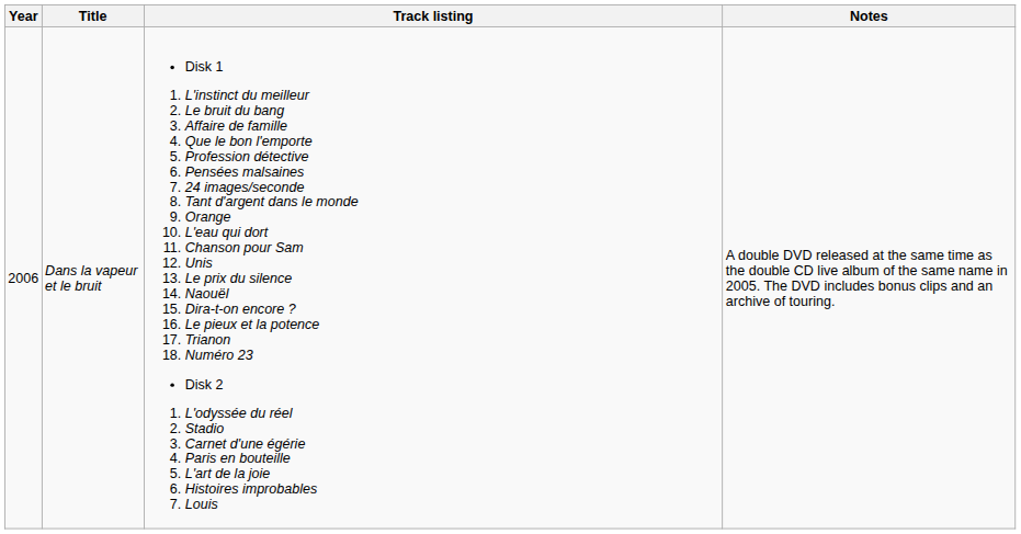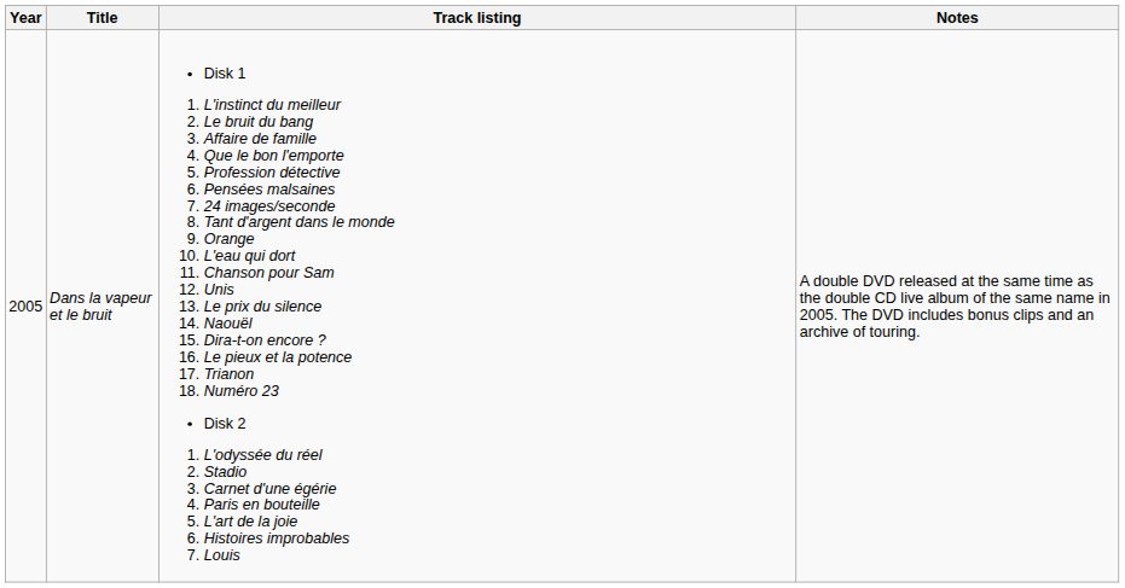 <table class="wikitable" style="font-size: 90%; text-align: left;">
 <tr>
 <th style="width:30px">Year</th>
 <th style="width:100px">Title</th>
 <th style="width:600px">Track listing</th>
 <th style="width:300px">Notes</th>
 </tr>
 <tr>
-<td>2006</td>
+<td>2005</td>
 <td><em>Dans la vapeur et le bruit</em></td>
 <td><br><ul><li>Disk 1</li></ul><ol><li><em>L'instinct du meilleur</em></li><li><em>Le bruit du bang</em></li><li><em>Affaire de famille</em></li><li><em>Que le bon l'emporte</em></li><li><em>Profession détective</em></li><li><em>Pensées malsaines</em></li><li><em>24 images/seconde</em></li><li><em>Tant d'argent dans le monde</em></li><li><em>Orange</em></li><li><em>L'eau qui dort</em></li><li><em>Chanson pour Sam</em></li><li><em>Unis</em></li><li><em>Le prix du silence</em></li><li><em>Naouël</em></li><li><em>Dira-t-on encore ?</em></li><li><em>Le pieux et la potence</em></li><li><em>Trianon</em></li><li><em>Numéro 23</em></li></ol><ul><li>Disk 2</li></ul><ol><li><em>L'odyssée du réel</em></li><li><em>Stadio</em></li><li><em>Carnet d'une égérie</em></li><li><em>Paris en bouteille</em></li><li><em>L'art de la joie</em></li><li><em>Histoires improbables</em></li><li><em>Louis</em></li></ol></td>
 <td>A double DVD released at the same time as the double CD live album of the same name in 2005. The DVD includes bonus clips and an archive of touring.</td>
 </tr>
 </table>
